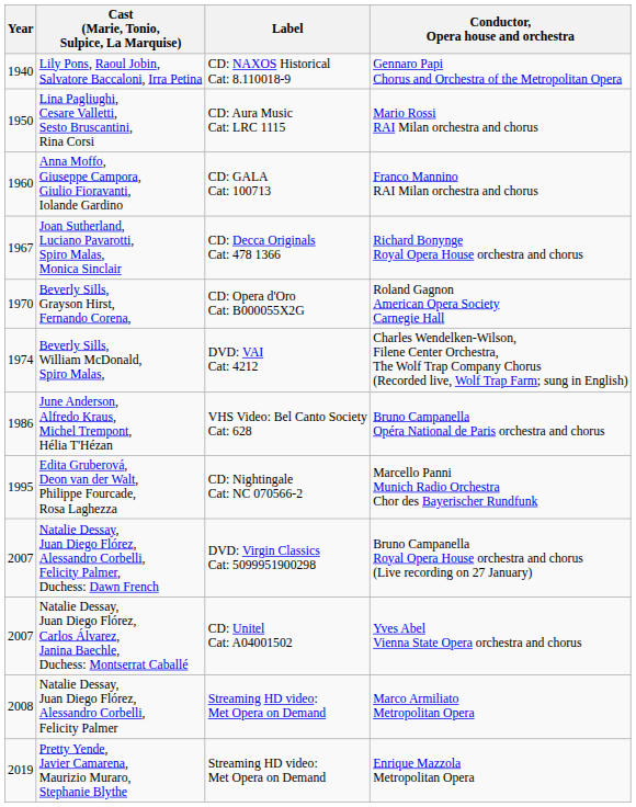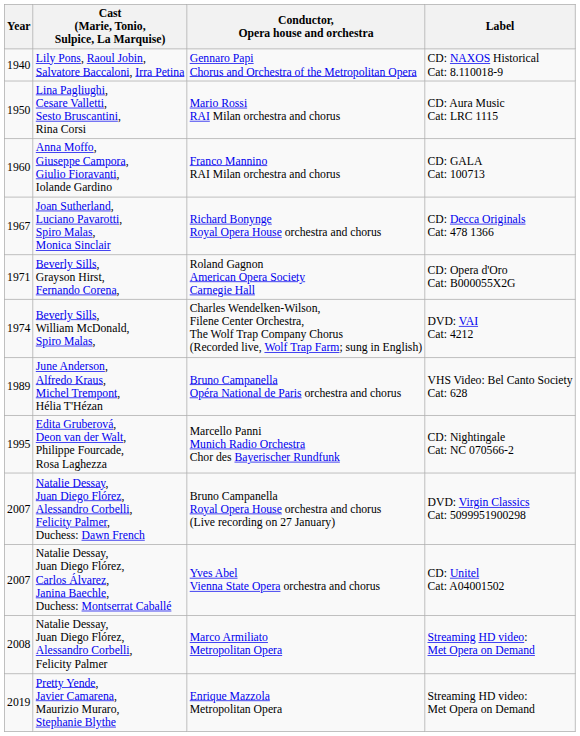 <table class="wikitable">
 <tr>
 <th>Year</th>
 <th>Cast<br>(Marie, Tonio,<br>Sulpice, La Marquise)</th>
+<th>Conductor,<br>Opera house and orchestra</th>
 <th>Label</th>
-<th>Conductor,<br>Opera house and orchestra</th>
 </tr>
 <tr>
 <td>1940</td>
 <td><a href='#'>Lily Pons</a>, <a href='#'>Raoul Jobin</a>,<br><a href='#'>Salvatore Baccaloni</a>, <a href='#'>Irra Petina</a></td>
+<td><a href='#'>Gennaro Papi</a><br><a href='#'>Chorus and Orchestra of the Metropolitan Opera</a></td>
 <td>CD:  <a href='#'>NAXOS</a> Historical<br>Cat: 8.110018-9</td>
-<td><a href='#'>Gennaro Papi</a><br><a href='#'>Chorus and Orchestra of the Metropolitan Opera</a></td>
 </tr>
 <tr>
 <td>1950</td>
 <td><a href='#'>Lina Pagliughi</a>,<br><a href='#'>Cesare Valletti</a>,<br><a href='#'>Sesto Bruscantini</a>,<br>Rina Corsi</td>
+<td><a href='#'>Mario Rossi</a><br><a href='#'>RAI</a> Milan orchestra and chorus</td>
 <td>CD: Aura Music<br>Cat: LRC 1115</td>
-<td><a href='#'>Mario Rossi</a><br><a href='#'>RAI</a> Milan orchestra and chorus</td>
 </tr>
 <tr>
 <td>1960</td>
 <td><a href='#'>Anna Moffo</a>,<br><a href='#'>Giuseppe Campora</a>,<br><a href='#'>Giulio Fioravanti</a>,<br>Iolande Gardino</td>
+<td><a href='#'>Franco Mannino</a><br>RAI Milan orchestra and chorus</td>
 <td>CD: GALA<br>Cat: 100713</td>
-<td><a href='#'>Franco Mannino</a><br>RAI Milan orchestra and chorus</td>
 </tr>
 <tr>
 <td>1967</td>
 <td><a href='#'>Joan Sutherland</a>,<br><a href='#'>Luciano Pavarotti</a>,<br><a href='#'>Spiro Malas</a>,<br><a href='#'>Monica Sinclair</a></td>
+<td><a href='#'>Richard Bonynge</a><br><a href='#'>Royal Opera House</a> orchestra and chorus</td>
 <td>CD: <a href='#'>Decca Originals</a><br>Cat: 478 1366</td>
-<td><a href='#'>Richard Bonynge</a><br><a href='#'>Royal Opera House</a> orchestra and chorus</td>
 </tr>
 <tr>
-<td>1970</td>
+<td>1971</td>
 <td><a href='#'>Beverly Sills</a>,<br>Grayson Hirst,<br><a href='#'>Fernando Corena</a>,<br></td>
+<td>Roland Gagnon<br><a href='#'>American Opera Society</a><br><a href='#'>Carnegie Hall</a></td>
 <td>CD: Opera d'Oro <br>Cat: B000055X2G</td>
-<td>Roland Gagnon<br><a href='#'>American Opera Society</a><br><a href='#'>Carnegie Hall</a></td>
 </tr>
 <tr>
 <td>1974</td>
 <td><a href='#'>Beverly Sills</a>,<br>William McDonald,<br><a href='#'>Spiro Malas</a>,<br></td>
+<td>Charles Wendelken-Wilson,<br>Filene Center Orchestra,<br>The Wolf Trap Company Chorus<br>(Recorded live, <a href='#'>Wolf Trap Farm</a>; sung in English)</td>
 <td>DVD: <a href='#'>VAI</a><br>Cat: 4212</td>
-<td>Charles Wendelken-Wilson,<br>Filene Center Orchestra,<br>The Wolf Trap Company Chorus<br>(Recorded live, <a href='#'>Wolf Trap Farm</a>; sung in English)</td>
 </tr>
 <tr>
-<td>1986</td>
+<td>1989</td>
 <td><a href='#'>June Anderson</a>,<br><a href='#'>Alfredo Kraus</a>,<br><a href='#'>Michel Trempont</a>,<br>Hélia T'Hézan</td>
+<td><a href='#'>Bruno Campanella</a><br><a href='#'>Opéra National de Paris</a> orchestra and chorus</td>
 <td>VHS Video: Bel Canto Society<br>Cat: 628</td>
-<td><a href='#'>Bruno Campanella</a><br><a href='#'>Opéra National de Paris</a> orchestra and chorus</td>
 </tr>
 <tr>
 <td>1995</td>
 <td><a href='#'>Edita Gruberová</a>,<br><a href='#'>Deon van der Walt</a>,<br>Philippe Fourcade,<br>Rosa Laghezza</td>
+<td>Marcello Panni<br><a href='#'>Munich Radio Orchestra</a><br>Chor des <a href='#'>Bayerischer Rundfunk</a></td>
 <td>CD: Nightingale<br>Cat: NC 070566-2</td>
-<td>Marcello Panni<br><a href='#'>Munich Radio Orchestra</a><br>Chor des <a href='#'>Bayerischer Rundfunk</a></td>
 </tr>
 <tr>
 <td>2007</td>
 <td><a href='#'>Natalie Dessay</a>,<br><a href='#'>Juan Diego Flórez</a>,<br><a href='#'>Alessandro Corbelli</a>,<br><a href='#'>Felicity Palmer</a>,<br>Duchess: <a href='#'>Dawn French</a></td>
+<td>Bruno Campanella<br><a href='#'>Royal Opera House</a> orchestra and chorus<br>(Live recording on 27 January)</td>
 <td>DVD: <a href='#'>Virgin Classics</a><br>Cat: 5099951900298</td>
-<td>Bruno Campanella<br><a href='#'>Royal Opera House</a> orchestra and chorus<br>(Live recording on 27 January)</td>
 </tr>
 <tr>
 <td>2007</td>
 <td>Natalie Dessay,<br>Juan Diego Flórez,<br><a href='#'>Carlos Álvarez</a>,<br><a href='#'>Janina Baechle</a>,<br>Duchess: <a href='#'>Montserrat Caballé</a></td>
+<td><a href='#'>Yves Abel</a><br><a href='#'>Vienna State Opera</a> orchestra and chorus</td>
 <td>CD: <a href='#'>Unitel</a><br>Cat: A04001502</td>
-<td><a href='#'>Yves Abel</a><br><a href='#'>Vienna State Opera</a> orchestra and chorus</td>
 </tr>
 <tr>
 <td>2008</td>
 <td>Natalie Dessay,<br>Juan Diego Flórez,<br><a href='#'>Alessandro Corbelli</a>,<br>Felicity Palmer</td>
+<td><a href='#'>Marco Armiliato</a><br><a href='#'>Metropolitan Opera</a></td>
 <td><a href='#'>Streaming</a> <a href='#'>HD video</a>:<br><a href='#'>Met Opera on Demand</a></td>
-<td><a href='#'>Marco Armiliato</a><br><a href='#'>Metropolitan Opera</a></td>
 </tr>
 <tr>
 <td>2019</td>
 <td><a href='#'>Pretty Yende</a>,<br><a href='#'>Javier Camarena</a>,<br>Maurizio Muraro,<br><a href='#'>Stephanie Blythe</a></td>
+<td><a href='#'>Enrique Mazzola</a><br>Metropolitan Opera</td>
 <td>Streaming HD video:<br>Met Opera on Demand</td>
-<td><a href='#'>Enrique Mazzola</a><br>Metropolitan Opera</td>
 </tr>
 </table>
